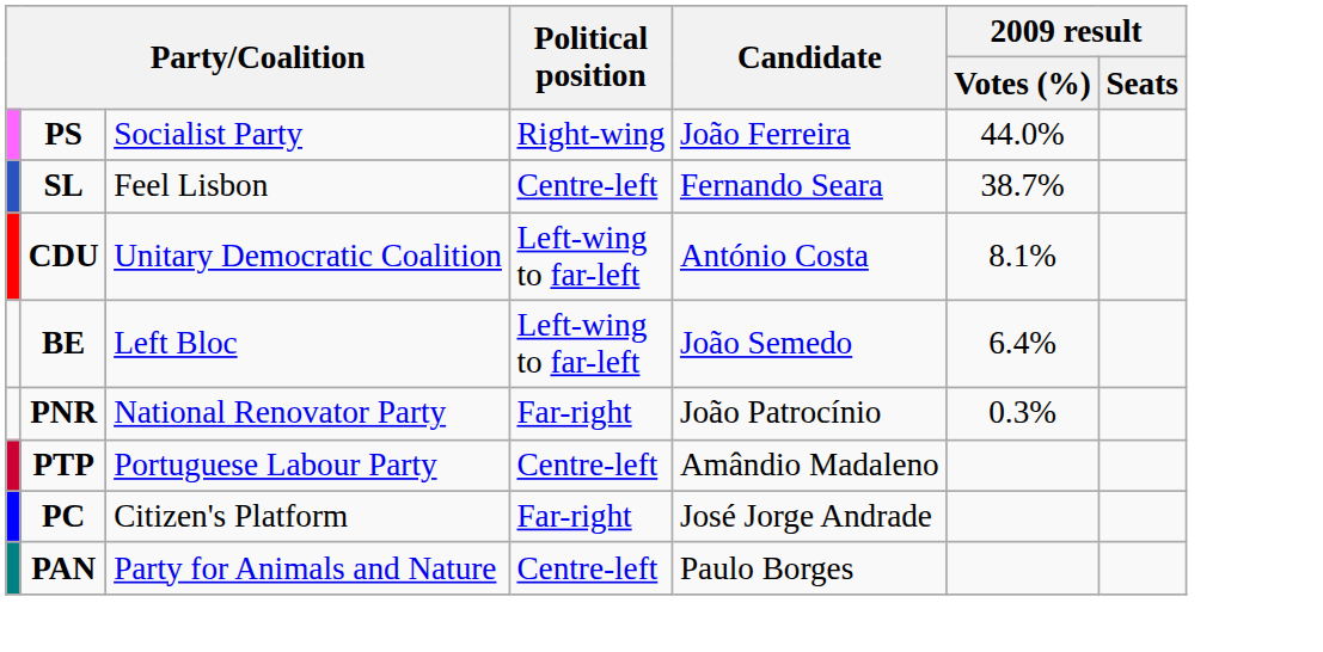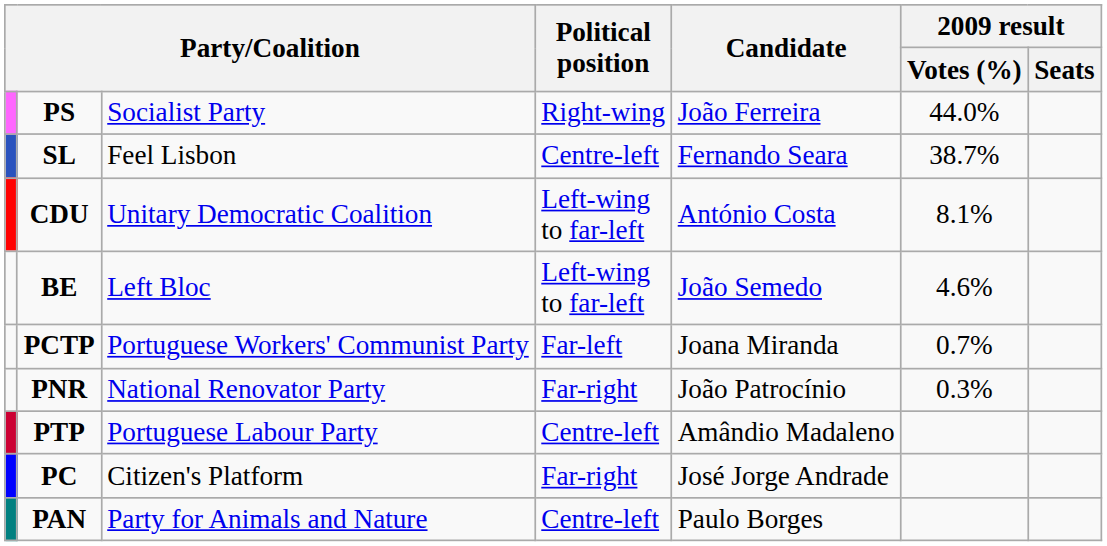 <table class="wikitable">
 <tr>
 <th colspan="3" rowspan="2">Party/Coalition</th>
 <th rowspan="2">Political<br>position</th>
 <th rowspan="2">Candidate</th>
 <th colspan="2">2009 result</th>
 </tr>
 <tr>
 <th>Votes (%)</th>
 <th>Seats</th>
 </tr>
 <tr>
 <td style="background:#FF66FF;"></td>
 <td style="text-align:center;"><strong>PS</strong></td>
 <td><a href='#'>Socialist Party</a><br></td>
 <td><a href='#'>Right-wing</a></td>
 <td><a href='#'>João Ferreira</a></td>
 <td style="text-align:center;">44.0%</td>
 <td></td>
 </tr>
 <tr>
 <td style="background:#2A52BE;"></td>
 <td style="text-align:center;"><strong>SL</strong></td>
 <td>Feel Lisbon<br> </td>
 <td><a href='#'>Centre-left</a></td>
 <td><a href='#'>Fernando Seara</a></td>
 <td style="text-align:center;">38.7%</td>
 <td></td>
 </tr>
 <tr>
 <td style="background:#f00;"></td>
 <td style="text-align:center;"><strong>CDU</strong></td>
 <td><a href='#'>Unitary Democratic Coalition</a><br> </td>
 <td><a href='#'>Left-wing</a><br>to <a href='#'>far-left</a></td>
 <td><a href='#'>António Costa</a></td>
 <td style="text-align:center;">8.1%</td>
 <td></td>
 </tr>
 <tr>
 <td style="color:inherit;background:"></td>
 <td style="text-align:center;"><strong>BE</strong></td>
 <td><a href='#'>Left Bloc</a><br></td>
 <td><a href='#'>Left-wing</a><br>to <a href='#'>far-left</a></td>
 <td><a href='#'>João Semedo</a></td>
-<td style="text-align:center;">6.4%</td>
+<td style="text-align:center;">4.6%</td>
+<td></td>
+</tr>
+<tr>
+<td style="color:inherit;background:"></td>
+<td style="text-align:center;"><strong>PCTP</strong></td>
+<td><a href='#'>Portuguese Workers' Communist Party</a><br></td>
+<td><a href='#'>Far-left</a></td>
+<td>Joana Miranda</td>
+<td style="text-align:center;">0.7%</td>
 <td></td>
 </tr>
 <tr>
 <td style="color:inherit;background:"></td>
 <td style="text-align:center;"><strong>PNR</strong></td>
 <td><a href='#'>National Renovator Party</a><br></td>
 <td><a href='#'>Far-right</a></td>
 <td>João Patrocínio</td>
 <td style="text-align:center;">0.3%</td>
 <td></td>
 </tr>
 <tr>
 <td style="background:#CC0033;"></td>
 <td style="text-align:center;"><strong>PTP</strong></td>
 <td><a href='#'>Portuguese Labour Party</a><br></td>
 <td><a href='#'>Centre-left</a></td>
 <td>Amândio Madaleno</td>
 <td></td>
 <td></td>
 </tr>
 <tr>
 <td style="background:blue;"></td>
 <td style="text-align:center;"><strong>PC</strong></td>
 <td>Citizen's Platform<br> </td>
 <td><a href='#'>Far-right</a></td>
 <td>José Jorge Andrade</td>
 <td></td>
 <td></td>
 </tr>
 <tr>
 <td style="background:teal;"></td>
 <td style="text-align:center;"><strong>PAN</strong></td>
 <td><a href='#'>Party for Animals and Nature</a><br></td>
 <td><a href='#'>Centre-left</a></td>
 <td>Paulo Borges</td>
 <td></td>
 <td></td>
 </tr>
 </table>
